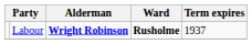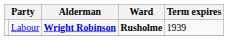 <table class="wikitable">
 <tr>
 <th colspan="2">Party</th>
 <th>Alderman</th>
 <th>Ward</th>
 <th>Term expires</th>
 </tr>
 <tr>
 <td style="background-color:"></td>
 <td><a href='#'>Labour</a></td>
 <td><strong><a href='#'>Wright Robinson</a></strong></td>
 <td><strong>Rusholme</strong></td>
-<td>1937</td>
+<td>1939</td>
 </tr>
 <tr>
 </tr>
 </table>
